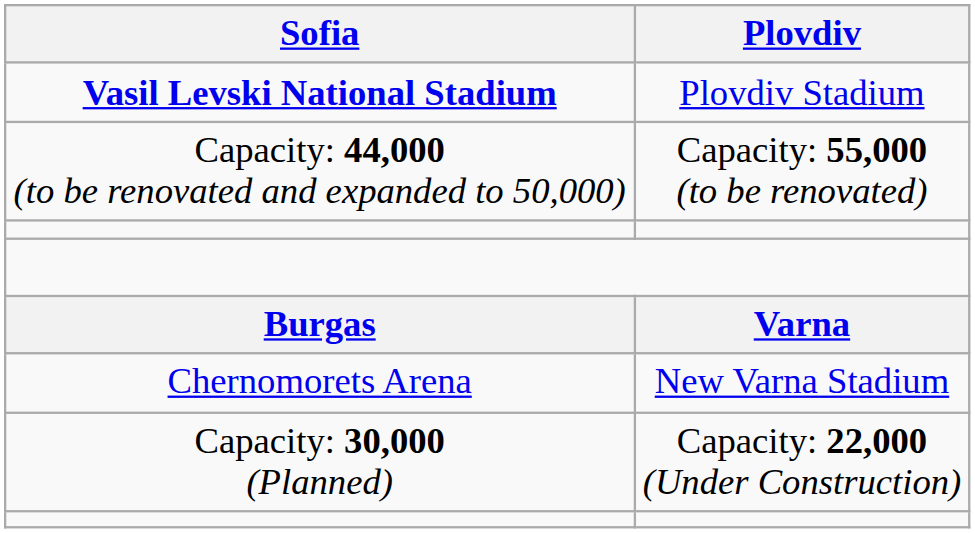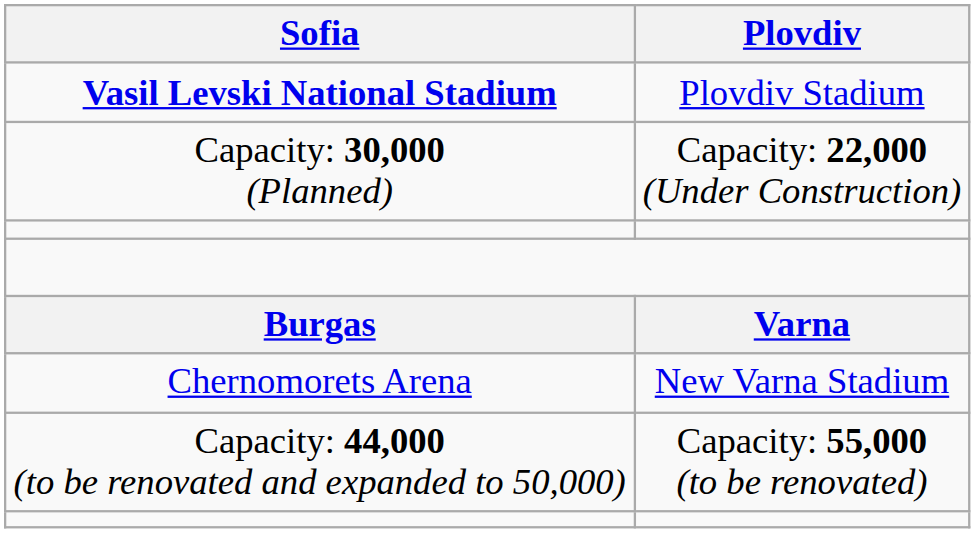 <table class="wikitable" style="text-align:center">
 <tr>
 <th><a href='#'>Sofia</a></th>
 <th><a href='#'>Plovdiv</a></th>
 </tr>
 <tr>
 <td><strong><a href='#'>Vasil Levski National Stadium</a></strong></td>
 <td><a href='#'>Plovdiv Stadium</a></td>
 </tr>
 <tr>
-<td>Capacity: <strong>44,000</strong><br><em>(to be renovated and expanded to 50,000)</em></td>
-<td>Capacity: <strong>55,000</strong><br><em>(to be renovated)</em></td>
+<td>Capacity: <strong>30,000</strong><br><em>(Planned)</em></td>
+<td>Capacity: <strong>22,000</strong><br><em>(Under Construction)</em></td>
 </tr>
 <tr>
 <td></td>
 <td></td>
 </tr>
 <tr>
 <td colspan="2"><br></td>
 </tr>
 <tr>
 <th><a href='#'>Burgas</a></th>
 <th><a href='#'>Varna</a></th>
 </tr>
 <tr>
 <td><a href='#'>Chernomorets Arena</a></td>
 <td><a href='#'>New Varna Stadium</a></td>
 </tr>
 <tr>
-<td>Capacity: <strong>30,000</strong><br><em>(Planned)</em></td>
-<td>Capacity: <strong>22,000</strong><br><em>(Under Construction)</em></td>
+<td>Capacity: <strong>44,000</strong><br><em>(to be renovated and expanded to 50,000)</em></td>
+<td>Capacity: <strong>55,000</strong><br><em>(to be renovated)</em></td>
 </tr>
 <tr>
 <td></td>
 <td></td>
 </tr>
 </table>
